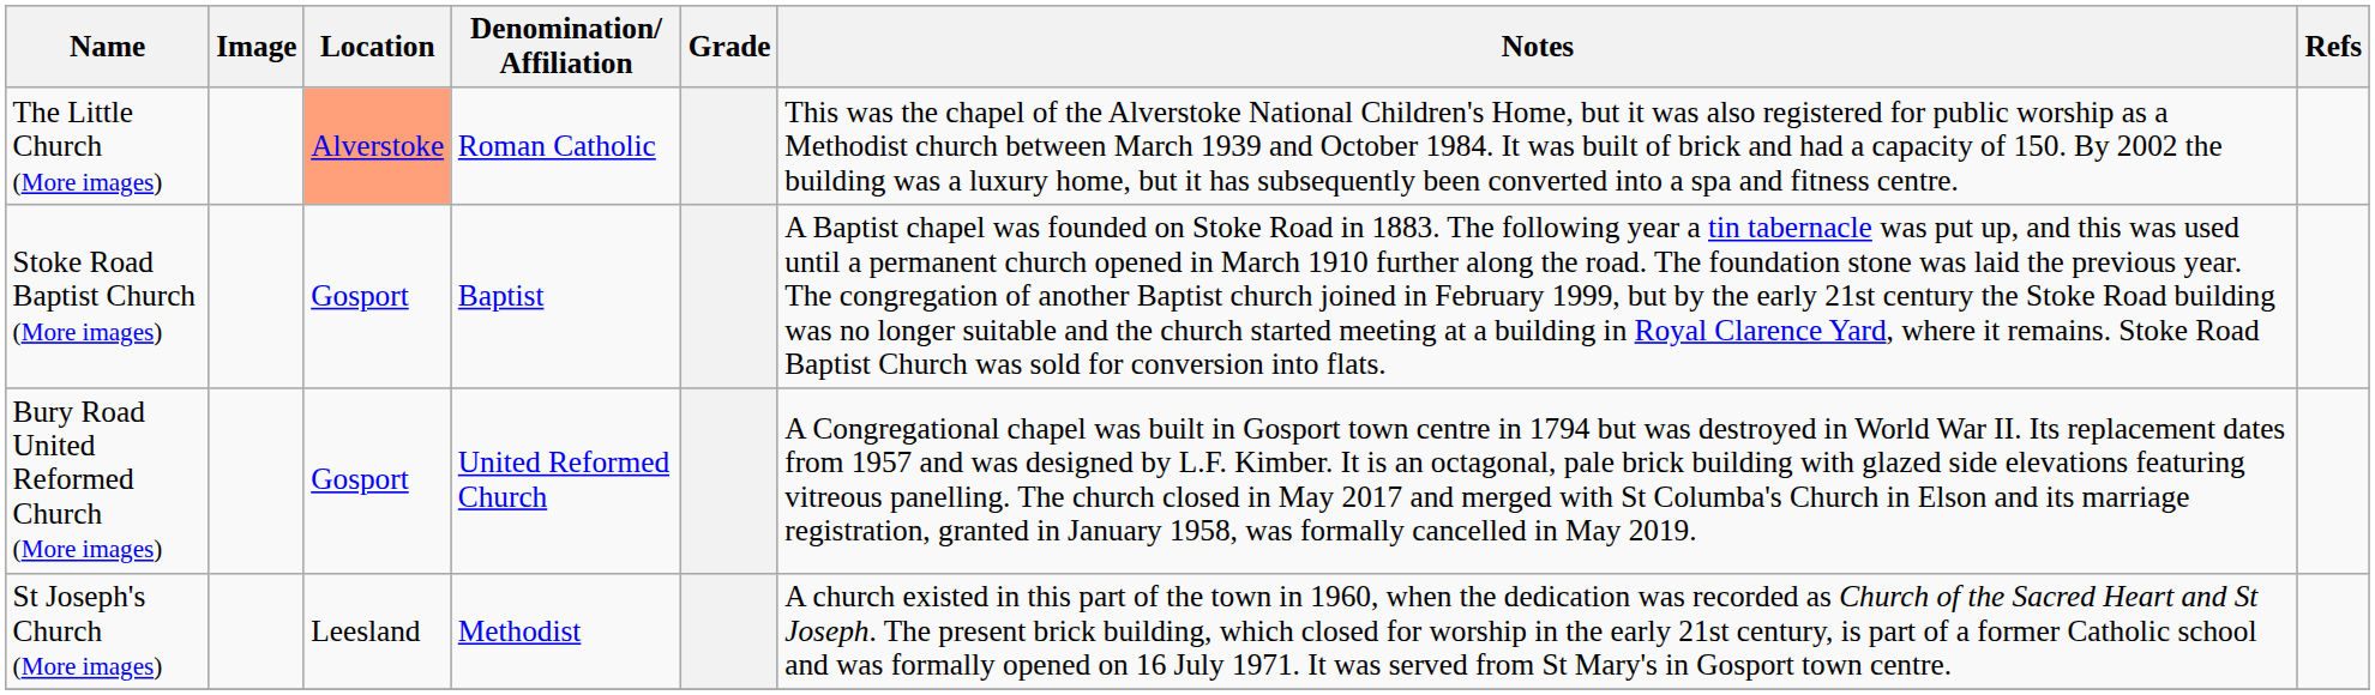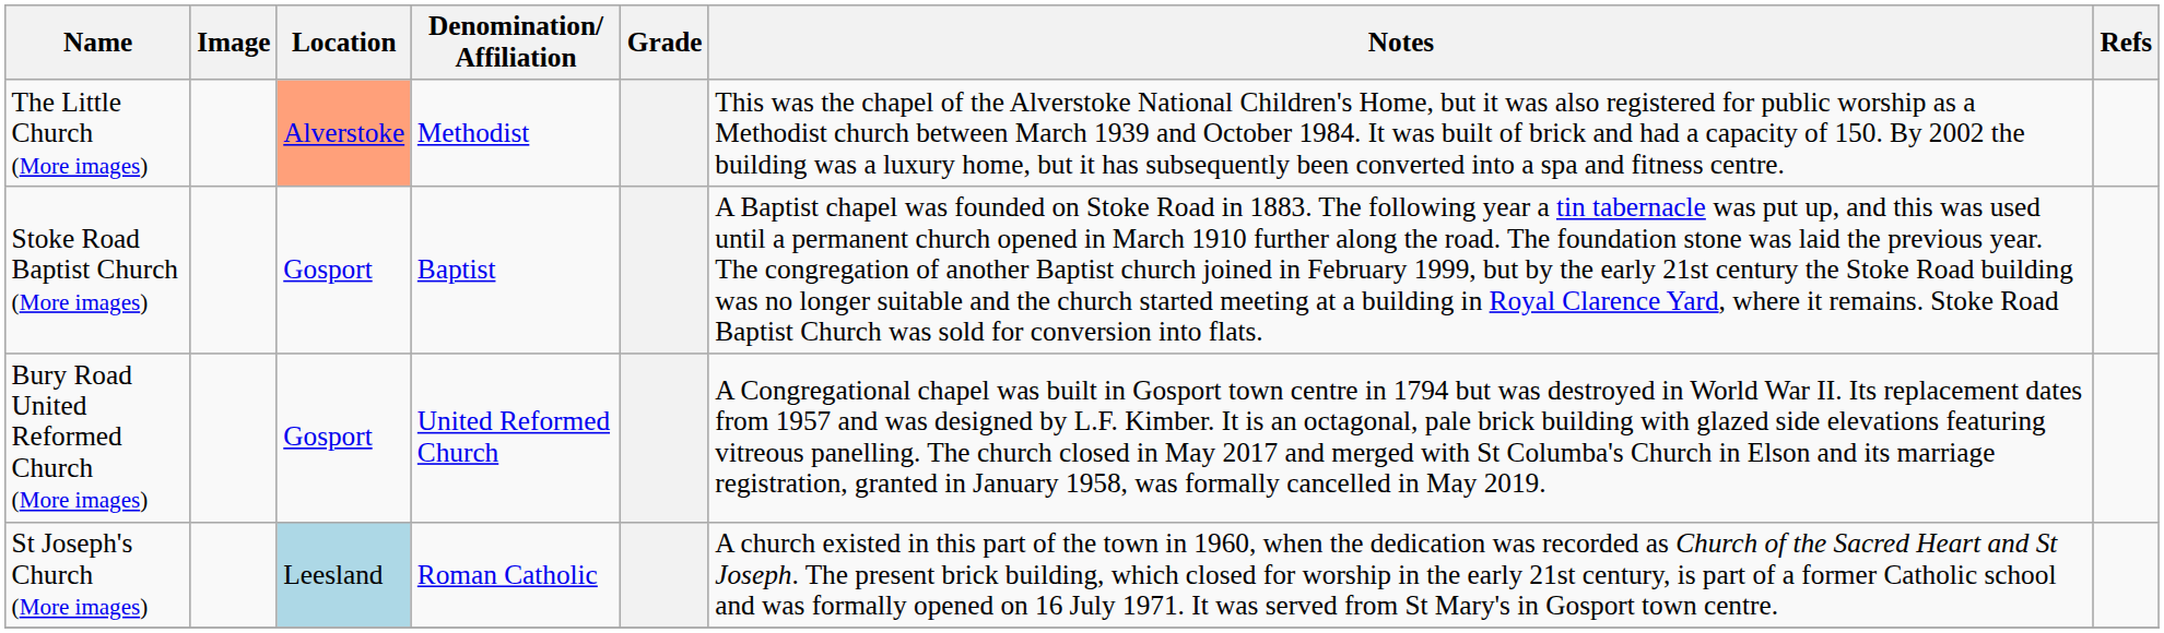 <table class="wikitable sortable">
 <tr>
 <th align="center">Name</th>
 <th align="center" class="unsortable">Image</th>
 <th align="center">Location</th>
 <th align="center">Denomination/<br>Affiliation</th>
 <th align="center">Grade</th>
 <th align="center" class="unsortable">Notes</th>
 <th align="center" class="unsortable">Refs</th>
 </tr>
 <tr>
 <td>The Little Church<br><small>(<a href='#'>More images</a>)</small></td>
 <td></td>
 <td style="background: lightsalmon;"><a href='#'>Alverstoke</a><br></td>
-<td><a href='#'>Roman Catholic</a></td>
+<td><a href='#'>Methodist</a></td>
 <th align="center"></th>
 <td>This was the chapel of the Alverstoke National Children's Home, but it was also registered for public worship as a Methodist church between March 1939 and October 1984.  It was built of brick and had a capacity of 150.  By 2002 the building was a luxury home, but it has subsequently been converted into a spa and fitness centre.</td>
 <td><br></td>
 </tr>
 <tr>
 <td>Stoke Road Baptist Church<br><small>(<a href='#'>More images</a>)</small></td>
 <td></td>
 <td><a href='#'>Gosport</a><br></td>
 <td><a href='#'>Baptist</a></td>
 <th align="center"></th>
 <td>A Baptist chapel was founded on Stoke Road in 1883.  The following year a <a href='#'>tin tabernacle</a> was put up, and this was used until a permanent church opened in March 1910 further along the road.  The foundation stone was laid the previous year.  The congregation of another Baptist church joined in February 1999, but by the early 21st century the Stoke Road building was no longer suitable and the church started meeting at a building in <a href='#'>Royal Clarence Yard</a>, where it remains.  Stoke Road Baptist Church was sold for conversion into flats.</td>
 <td><br></td>
 </tr>
 <tr>
 <td>Bury Road United Reformed Church<br><small>(<a href='#'>More images</a>)</small></td>
 <td></td>
 <td><a href='#'>Gosport</a><br></td>
 <td><a href='#'>United Reformed Church</a></td>
 <th align="center"></th>
 <td>A Congregational chapel was built in Gosport town centre in 1794 but was destroyed in World War II.  Its replacement dates from 1957 and was designed by L.F. Kimber.  It is an octagonal, pale brick building with glazed side elevations featuring vitreous panelling.  The church closed in May 2017 and merged with St Columba's Church in Elson and its marriage registration, granted in January 1958, was formally cancelled in May 2019.</td>
 <td><br><br></td>
 </tr>
 <tr>
 <td>St Joseph's Church<br><small>(<a href='#'>More images</a>)</small></td>
 <td></td>
-<td>Leesland<br></td>
-<td><a href='#'>Methodist</a></td>
+<td style="background: lightblue;">Leesland<br></td>
+<td><a href='#'>Roman Catholic</a></td>
 <th align="center"></th>
 <td>A church existed in this part of the town in 1960, when the dedication was recorded as <em>Church of the Sacred Heart and St Joseph</em>.  The present brick building, which closed for worship in the early 21st century, is part of a former Catholic school and was formally opened on 16 July 1971.  It was served from St Mary's in Gosport town centre.</td>
 <td></td>
 </tr>
 <tr>
 </tr>
 </table>
